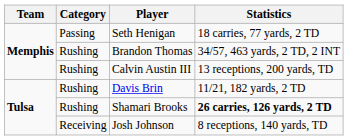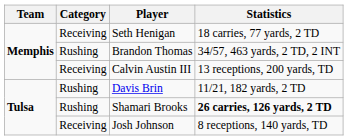 <table class="wikitable" style="float: left;">
 <tr>
 <th>Team</th>
 <th>Category</th>
 <th>Player</th>
 <th>Statistics</th>
 </tr>
 <tr>
 <td rowspan=3><strong>Memphis</strong></td>
-<td>Passing</td>
+<td>Receiving</td>
 <td>Seth Henigan</td>
 <td>18 carries, 77 yards, 2 TD</td>
 </tr>
 <tr>
 <td>Rushing</td>
 <td>Brandon Thomas</td>
 <td>34/57, 463 yards, 2 TD, 2 INT</td>
 </tr>
 <tr>
-<td>Rushing</td>
+<td>Receiving</td>
 <td>Calvin Austin III</td>
 <td>13 receptions, 200 yards, TD</td>
 </tr>
 <tr>
 <td rowspan=3><strong>Tulsa</strong></td>
 <td>Rushing</td>
 <td><a href='#'>Davis Brin</a></td>
 <td>11/21, 182 yards, 2 TD</td>
 </tr>
 <tr>
 <td>Rushing</td>
 <td>Shamari Brooks</td>
 <td><strong>26 carries, 126 yards, 2 TD</strong></td>
 </tr>
 <tr>
 <td>Receiving</td>
 <td>Josh Johnson</td>
 <td>8 receptions, 140 yards, TD</td>
 </tr>
 </table>
